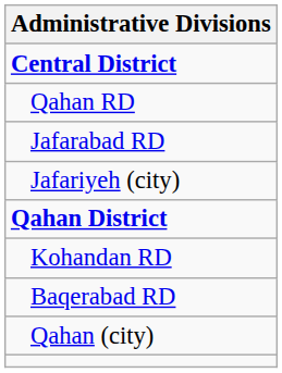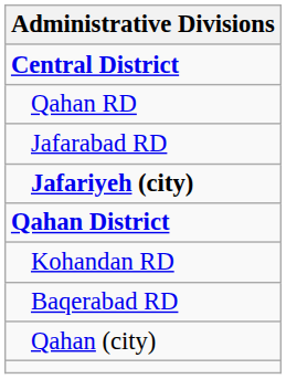 <table class="wikitable">
 <tr>
 <th>Administrative Divisions</th>
 </tr>
 <tr>
 <td><strong><a href='#'>Central District</a></strong></td>
 </tr>
 <tr>
 <td style="padding-left: 1em;"><a href='#'>Qahan RD</a></td>
 </tr>
 <tr>
 <td style="padding-left: 1em;"><a href='#'>Jafarabad RD</a></td>
 </tr>
 <tr>
-<td style="padding-left: 1em;"><a href='#'>Jafariyeh</a> (city)</td>
+<td style="padding-left: 1em;"><strong><a href='#'>Jafariyeh</a> (city)</strong></td>
 </tr>
 <tr>
 <td><strong><a href='#'>Qahan District</a></strong></td>
 </tr>
 <tr>
 <td style="padding-left: 1em;"><a href='#'>Kohandan RD</a></td>
 </tr>
 <tr>
 <td style="padding-left: 1em;"><a href='#'>Baqerabad RD</a></td>
 </tr>
 <tr>
 <td style="padding-left: 1em;"><a href='#'>Qahan</a> (city)</td>
 </tr>
 <tr>
 <td colspan=1></td>
 </tr>
 </table>
